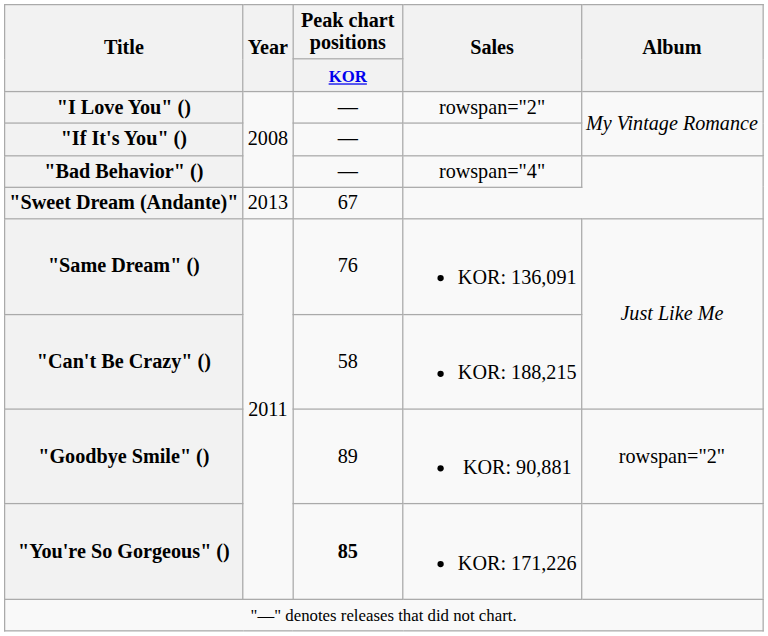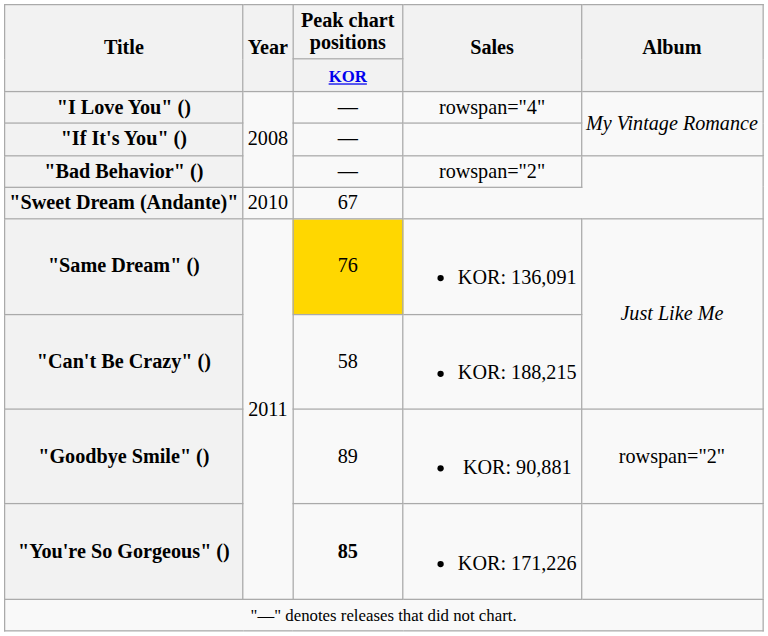 <table class="wikitable plainrowheaders" style="text-align:center;" border="1">
 <tr>
 <th scope="col" rowspan="2">Title</th>
 <th scope="col" rowspan="2">Year</th>
 <th scope="col" colspan="1" style="width:5em;">Peak chart positions</th>
 <th scope="col" rowspan="2">Sales</th>
 <th scope="col" rowspan="2">Album</th>
 </tr>
 <tr>
 <th><small><a href='#'>KOR</a></small><br></th>
 </tr>
 <tr>
 <th scope="row">"I Love You" ()</th>
 <td rowspan="3">2008</td>
 <td>—</td>
-<td>rowspan="2" </td>
+<td>rowspan="4" </td>
 <td rowspan="2"><em>My Vintage Romance</em></td>
 </tr>
 <tr>
 <th scope="row">"If It's You" ()</th>
 <td>—</td>
 </tr>
 <tr>
 <th scope="row">"Bad Behavior" ()</th>
 <td>—</td>
-<td>rowspan="4" </td>
+<td>rowspan="2" </td>
 </tr>
 <tr>
 <th scope="row">"Sweet Dream (Andante)"</th>
-<td>2013</td>
+<td>2010</td>
 <td>67</td>
 </tr>
 <tr>
 <th scope="row">"Same Dream" ()</th>
 <td rowspan="4">2011</td>
-<td>76</td>
+<td style="background: gold;">76</td>
 <td><br><ul><li>KOR: 136,091</li></ul></td>
 <td rowspan="2"><em>Just Like Me</em></td>
 </tr>
 <tr>
 <th scope="row">"Can't Be Crazy" ()</th>
 <td>58</td>
 <td><br><ul><li>KOR: 188,215</li></ul></td>
 </tr>
 <tr>
 <th scope="row">"Goodbye Smile" ()</th>
 <td>89</td>
 <td><br><ul><li>KOR: 90,881</li></ul></td>
 <td>rowspan="2" </td>
 </tr>
 <tr>
 <th scope="row">"You're So Gorgeous" ()</th>
 <td><strong>85</strong></td>
 <td><br><ul><li>KOR: 171,226</li></ul></td>
 </tr>
 <tr>
 <td colspan="5" align="center"><small>"—" denotes releases that did not chart.</small></td>
 </tr>
 </table>
